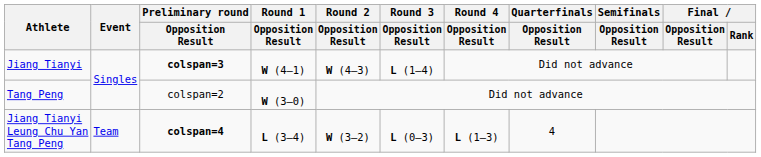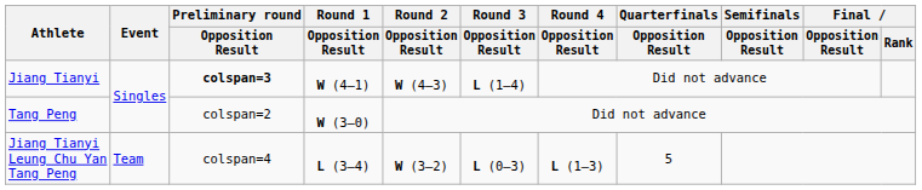 <table class="wikitable" style="font-size:90%">
 <tr>
 <th rowspan=2>Athlete</th>
 <th rowspan=2>Event</th>
 <th>Preliminary round</th>
 <th>Round 1</th>
 <th>Round 2</th>
 <th>Round 3</th>
 <th>Round 4</th>
 <th>Quarterfinals</th>
 <th>Semifinals</th>
 <th colspan=2>Final / </th>
 </tr>
 <tr style="font-size:95%">
 <th>Opposition<br>Result</th>
 <th>Opposition<br>Result</th>
 <th>Opposition<br>Result</th>
 <th>Opposition<br>Result</th>
 <th>Opposition<br>Result</th>
 <th>Opposition<br>Result</th>
 <th>Opposition<br>Result</th>
 <th>Opposition<br>Result</th>
 <th>Rank</th>
 </tr>
 <tr align=center>
 <td align=left><a href='#'>Jiang Tianyi</a></td>
 <td align=left rowspan=2><a href='#'>Singles</a></td>
 <td><strong>colspan=3 </strong></td>
 <td><br> <strong>W</strong> (4–1)</td>
 <td><br> <strong>W</strong> (4–3)</td>
 <td><br> <strong>L</strong> (1–4)</td>
 <td colspan=4>Did not advance</td>
 </tr>
 <tr align=center>
 <td align=left><a href='#'>Tang Peng</a></td>
 <td>colspan=2 </td>
 <td><br> <strong>W</strong> (3–0)</td>
 <td colspan=7>Did not advance</td>
 </tr>
 <tr align=center>
 <td align=left><a href='#'>Jiang Tianyi</a><br><a href='#'>Leung Chu Yan</a><br><a href='#'>Tang Peng</a></td>
 <td align=left><a href='#'>Team</a></td>
-<td><strong>colspan=4 </strong></td>
+<td>colspan=4 </td>
 <td><br> <strong>L</strong> (3–4)</td>
 <td><br> <strong>W</strong> (3–2)</td>
 <td><br> <strong>L</strong> (0–3)</td>
 <td><br> <strong>L</strong> (1–3)</td>
-<td>4</td>
+<td>5</td>
 </tr>
 </table>
